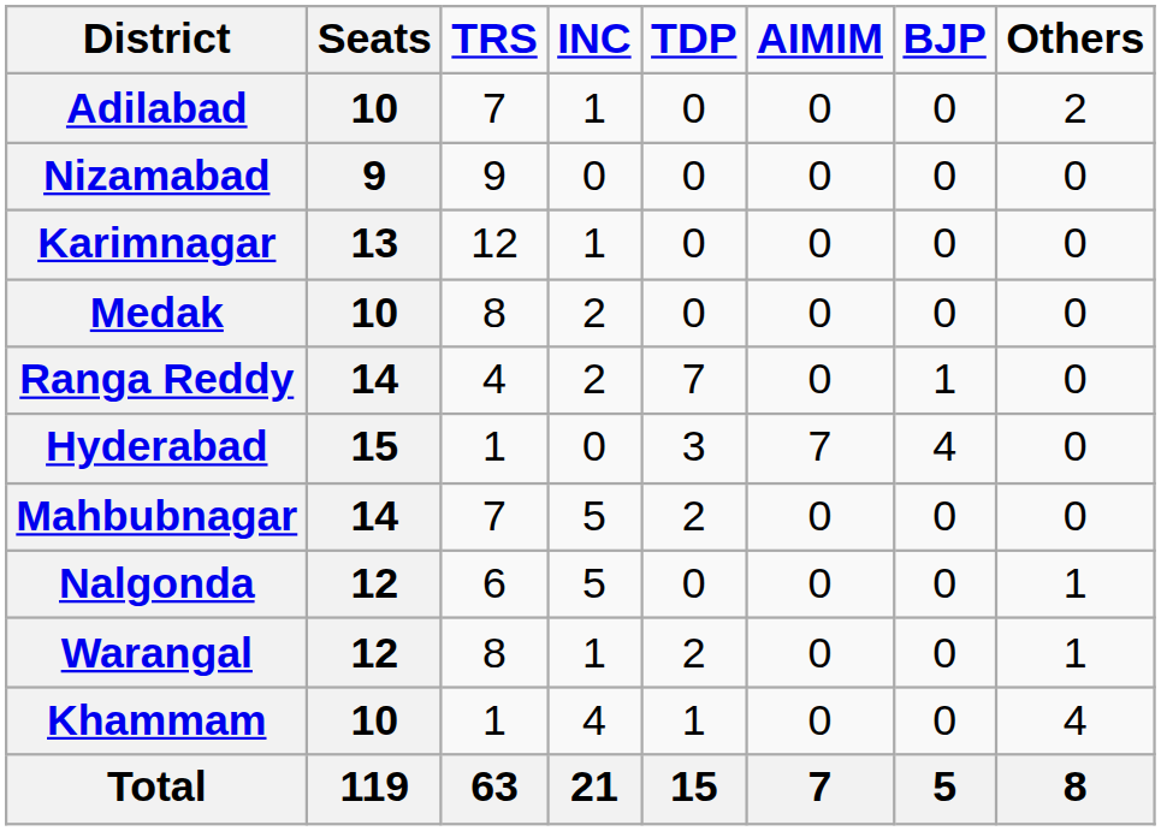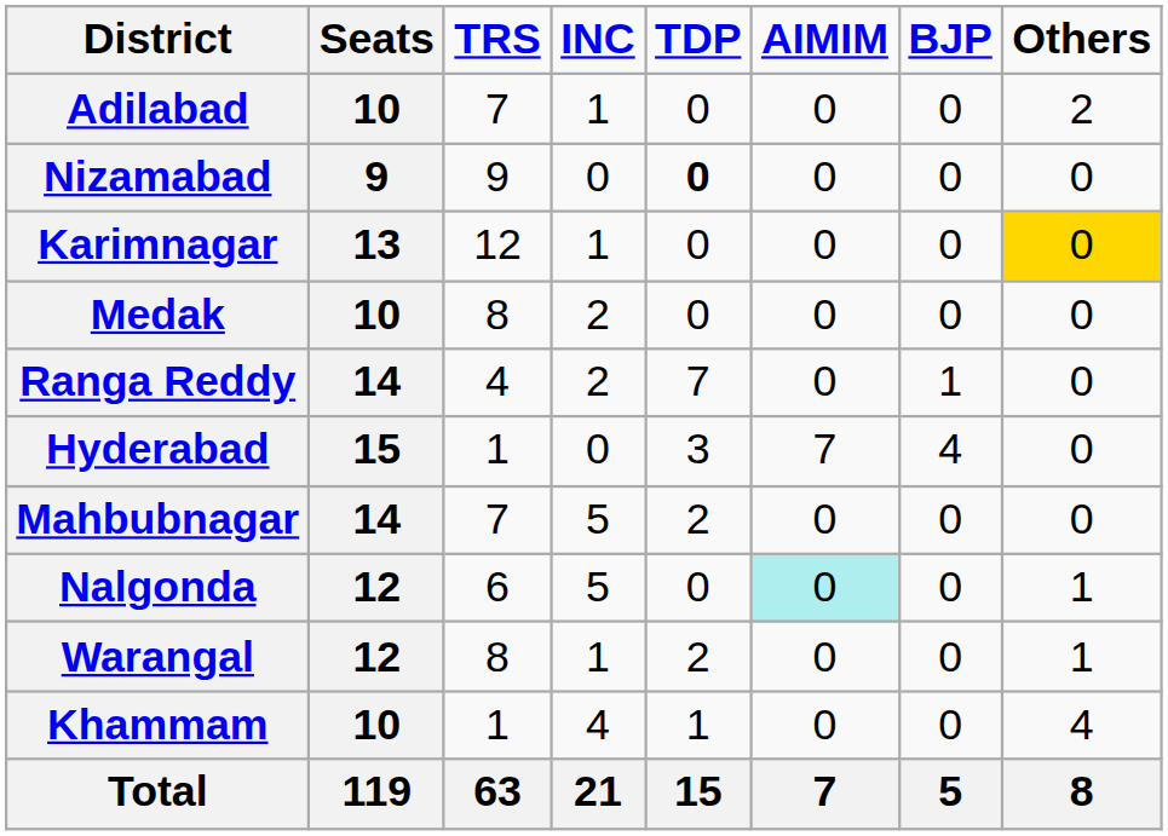 <table class="wikitable sortable" style="text-align:center;">
 <tr>
 <th>District</th>
 <th>Seats</th>
 <td><a href='#'><span><strong>TRS</strong></span></a></td>
 <td><a href='#'><span><strong>INC</strong></span></a></td>
 <td><a href='#'><span><strong>TDP</strong></span></a></td>
 <td><a href='#'><span><strong>AIMIM</strong></span></a></td>
 <td><a href='#'><span><strong>BJP</strong></span></a></td>
 <td><span><strong>Others</strong></span></td>
 </tr>
 <tr>
 <th><a href='#'>Adilabad</a></th>
 <th>10</th>
 <td style="background:">7</td>
 <td>1</td>
 <td>0</td>
 <td>0</td>
 <td>0</td>
 <td>2</td>
 </tr>
 <tr>
 <th><a href='#'>Nizamabad</a></th>
 <th>9</th>
 <td style="background:">9</td>
 <td>0</td>
-<td>0</td>
+<td><strong>0</strong></td>
 <td>0</td>
 <td>0</td>
 <td>0</td>
 </tr>
 <tr>
 <th><a href='#'>Karimnagar</a></th>
 <th>13</th>
 <td style="background:">12</td>
 <td>1</td>
 <td>0</td>
 <td>0</td>
 <td>0</td>
-<td>0</td>
+<td style="background: gold;">0</td>
 </tr>
 <tr>
 <th><a href='#'>Medak</a></th>
 <th>10</th>
 <td style="background:">8</td>
 <td>2</td>
 <td>0</td>
 <td>0</td>
 <td>0</td>
 <td>0</td>
 </tr>
 <tr>
 <th><a href='#'>Ranga Reddy</a></th>
 <th>14</th>
 <td>4</td>
 <td>2</td>
 <td style="background:">7</td>
 <td>0</td>
 <td>1</td>
 <td>0</td>
 </tr>
 <tr>
 <th><a href='#'>Hyderabad</a></th>
 <th>15</th>
 <td>1</td>
 <td>0</td>
 <td>3</td>
 <td style="background:">7</td>
 <td>4</td>
 <td>0</td>
 </tr>
 <tr>
 <th><a href='#'>Mahbubnagar</a></th>
 <th>14</th>
 <td style="background:">7</td>
 <td>5</td>
 <td>2</td>
 <td>0</td>
 <td>0</td>
 <td>0</td>
 </tr>
 <tr>
 <th><a href='#'>Nalgonda</a></th>
 <th>12</th>
 <td style="background:">6</td>
 <td>5</td>
 <td>0</td>
-<td>0</td>
+<td style="background: paleturquoise;">0</td>
 <td>0</td>
 <td>1</td>
 </tr>
 <tr>
 <th><a href='#'>Warangal</a></th>
 <th>12</th>
 <td style="background:">8</td>
 <td>1</td>
 <td>2</td>
 <td>0</td>
 <td>0</td>
 <td>1</td>
 </tr>
 <tr>
 <th><a href='#'>Khammam</a></th>
 <th>10</th>
 <td>1</td>
 <td>4</td>
 <td>1</td>
 <td>0</td>
 <td>0</td>
 <td>4</td>
 </tr>
 <tr>
 <th>Total</th>
 <th>119</th>
 <th>63</th>
 <th>21</th>
 <th>15</th>
 <th>7</th>
 <th>5</th>
 <th>8</th>
 </tr>
 </table>
